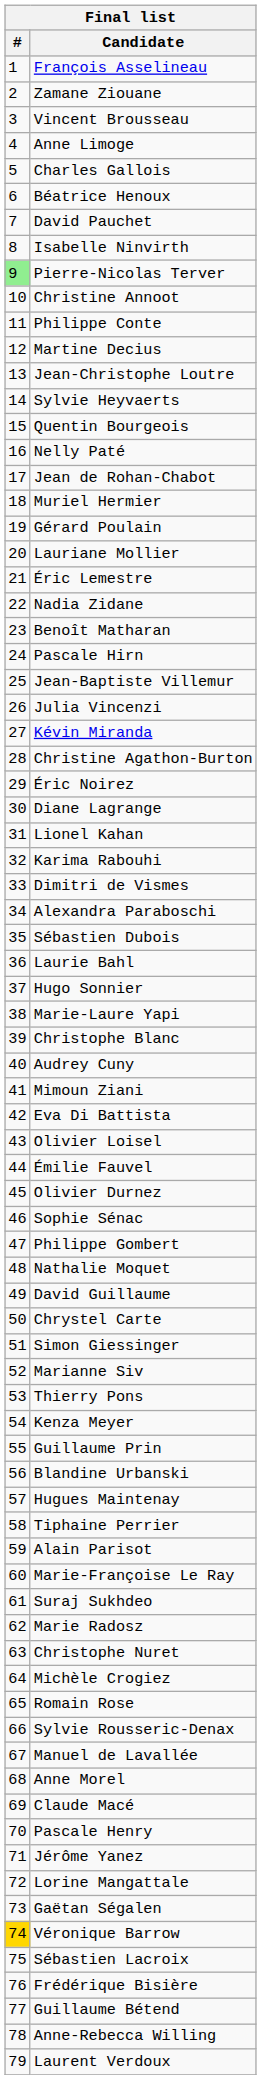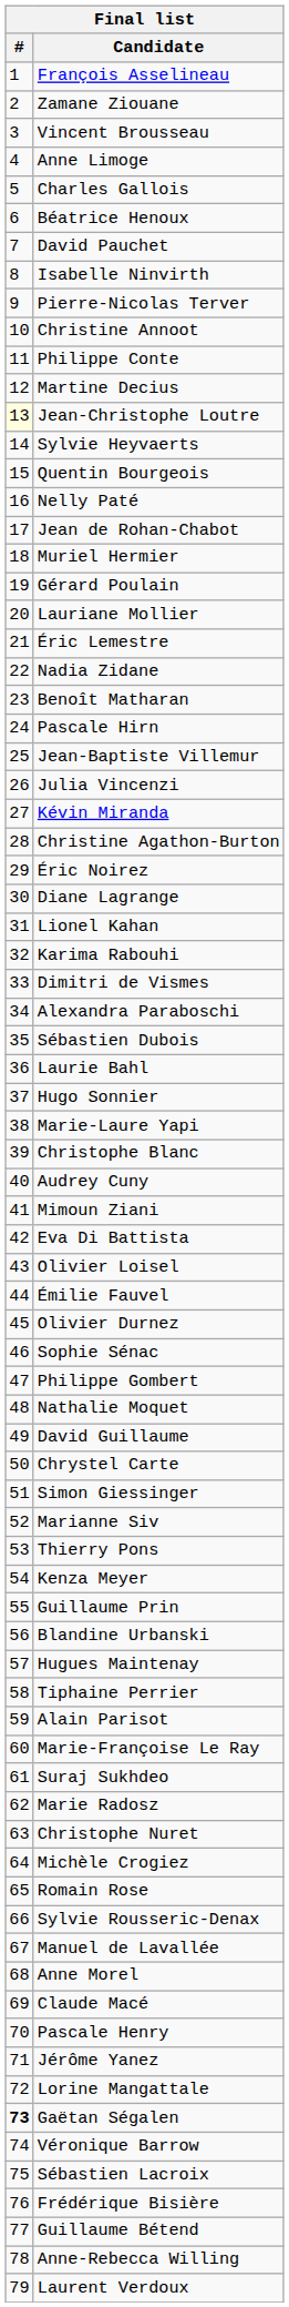 <table class="wikitable mw-collapsible mw-collapsed" style="font-size:90%; float:right; padding:5px">
 <tr>
 <th colspan="2">Final list</th>
 </tr>
 <tr>
 <th>#</th>
 <th>Candidate</th>
 </tr>
 <tr>
 <td>1</td>
 <td><a href='#'>François Asselineau</a></td>
 </tr>
 <tr>
 <td>2</td>
 <td>Zamane Ziouane</td>
 </tr>
 <tr>
 <td>3</td>
 <td>Vincent Brousseau</td>
 </tr>
 <tr>
 <td>4</td>
 <td>Anne Limoge</td>
 </tr>
 <tr>
 <td>5</td>
 <td>Charles Gallois</td>
 </tr>
 <tr>
 <td>6</td>
 <td>Béatrice Henoux</td>
 </tr>
 <tr>
 <td>7</td>
 <td>David Pauchet</td>
 </tr>
 <tr>
 <td>8</td>
 <td>Isabelle Ninvirth</td>
 </tr>
 <tr>
-<td style="background: lightgreen;">9</td>
+<td>9</td>
 <td>Pierre-Nicolas Terver</td>
 </tr>
 <tr>
 <td>10</td>
 <td>Christine Annoot</td>
 </tr>
 <tr>
 <td>11</td>
 <td>Philippe Conte</td>
 </tr>
 <tr>
 <td>12</td>
 <td>Martine Decius</td>
 </tr>
 <tr>
-<td>13</td>
+<td style="background: lightyellow;">13</td>
 <td>Jean-Christophe Loutre</td>
 </tr>
 <tr>
 <td>14</td>
 <td>Sylvie Heyvaerts</td>
 </tr>
 <tr>
 <td>15</td>
 <td>Quentin Bourgeois</td>
 </tr>
 <tr>
 <td>16</td>
 <td>Nelly Paté</td>
 </tr>
 <tr>
 <td>17</td>
 <td>Jean de Rohan-Chabot</td>
 </tr>
 <tr>
 <td>18</td>
 <td>Muriel Hermier</td>
 </tr>
 <tr>
 <td>19</td>
 <td>Gérard Poulain</td>
 </tr>
 <tr>
 <td>20</td>
 <td>Lauriane Mollier</td>
 </tr>
 <tr>
 <td>21</td>
 <td>Éric Lemestre</td>
 </tr>
 <tr>
 <td>22</td>
 <td>Nadia Zidane</td>
 </tr>
 <tr>
 <td>23</td>
 <td>Benoît Matharan</td>
 </tr>
 <tr>
 <td>24</td>
 <td>Pascale Hirn</td>
 </tr>
 <tr>
 <td>25</td>
 <td>Jean-Baptiste Villemur</td>
 </tr>
 <tr>
 <td>26</td>
 <td>Julia Vincenzi</td>
 </tr>
 <tr>
 <td>27</td>
 <td><a href='#'>Kévin Miranda</a></td>
 </tr>
 <tr>
 <td>28</td>
 <td>Christine Agathon-Burton</td>
 </tr>
 <tr>
 <td>29</td>
 <td>Éric Noirez</td>
 </tr>
 <tr>
 <td>30</td>
 <td>Diane Lagrange</td>
 </tr>
 <tr>
 <td>31</td>
 <td>Lionel Kahan</td>
 </tr>
 <tr>
 <td>32</td>
 <td>Karima Rabouhi</td>
 </tr>
 <tr>
 <td>33</td>
 <td>Dimitri de Vismes</td>
 </tr>
 <tr>
 <td>34</td>
 <td>Alexandra Paraboschi</td>
 </tr>
 <tr>
 <td>35</td>
 <td>Sébastien Dubois</td>
 </tr>
 <tr>
 <td>36</td>
 <td>Laurie Bahl</td>
 </tr>
 <tr>
 <td>37</td>
 <td>Hugo Sonnier</td>
 </tr>
 <tr>
 <td>38</td>
 <td>Marie-Laure Yapi</td>
 </tr>
 <tr>
 <td>39</td>
 <td>Christophe Blanc</td>
 </tr>
 <tr>
 <td>40</td>
 <td>Audrey Cuny</td>
 </tr>
 <tr>
 <td>41</td>
 <td>Mimoun Ziani</td>
 </tr>
 <tr>
 <td>42</td>
 <td>Eva Di Battista</td>
 </tr>
 <tr>
 <td>43</td>
 <td>Olivier Loisel</td>
 </tr>
 <tr>
 <td>44</td>
 <td>Émilie Fauvel</td>
 </tr>
 <tr>
 <td>45</td>
 <td>Olivier Durnez</td>
 </tr>
 <tr>
 <td>46</td>
 <td>Sophie Sénac</td>
 </tr>
 <tr>
 <td>47</td>
 <td>Philippe Gombert</td>
 </tr>
 <tr>
 <td>48</td>
 <td>Nathalie Moquet</td>
 </tr>
 <tr>
 <td>49</td>
 <td>David Guillaume</td>
 </tr>
 <tr>
 <td>50</td>
 <td>Chrystel Carte</td>
 </tr>
 <tr>
 <td>51</td>
 <td>Simon Giessinger</td>
 </tr>
 <tr>
 <td>52</td>
 <td>Marianne Siv</td>
 </tr>
 <tr>
 <td>53</td>
 <td>Thierry Pons</td>
 </tr>
 <tr>
 <td>54</td>
 <td>Kenza Meyer</td>
 </tr>
 <tr>
 <td>55</td>
 <td>Guillaume Prin</td>
 </tr>
 <tr>
 <td>56</td>
 <td>Blandine Urbanski</td>
 </tr>
 <tr>
 <td>57</td>
 <td>Hugues Maintenay</td>
 </tr>
 <tr>
 <td>58</td>
 <td>Tiphaine Perrier</td>
 </tr>
 <tr>
 <td>59</td>
 <td>Alain Parisot</td>
 </tr>
 <tr>
 <td>60</td>
 <td>Marie-Françoise Le Ray</td>
 </tr>
 <tr>
 <td>61</td>
 <td>Suraj Sukhdeo</td>
 </tr>
 <tr>
 <td>62</td>
 <td>Marie Radosz</td>
 </tr>
 <tr>
 <td>63</td>
 <td>Christophe Nuret</td>
 </tr>
 <tr>
 <td>64</td>
 <td>Michèle Crogiez</td>
 </tr>
 <tr>
 <td>65</td>
 <td>Romain Rose</td>
 </tr>
 <tr>
 <td>66</td>
 <td>Sylvie Rousseric-Denax</td>
 </tr>
 <tr>
 <td>67</td>
 <td>Manuel de Lavallée</td>
 </tr>
 <tr>
 <td>68</td>
 <td>Anne Morel</td>
 </tr>
 <tr>
 <td>69</td>
 <td>Claude Macé</td>
 </tr>
 <tr>
 <td>70</td>
 <td>Pascale Henry</td>
 </tr>
 <tr>
 <td>71</td>
 <td>Jérôme Yanez</td>
 </tr>
 <tr>
 <td>72</td>
 <td>Lorine Mangattale</td>
 </tr>
 <tr>
-<td>73</td>
+<td><strong>73</strong></td>
 <td>Gaëtan Ségalen</td>
 </tr>
 <tr>
-<td style="background: gold;">74</td>
+<td>74</td>
 <td>Véronique Barrow</td>
 </tr>
 <tr>
 <td>75</td>
 <td>Sébastien Lacroix</td>
 </tr>
 <tr>
 <td>76</td>
 <td>Frédérique Bisière</td>
 </tr>
 <tr>
 <td>77</td>
 <td>Guillaume Bétend</td>
 </tr>
 <tr>
 <td>78</td>
 <td>Anne-Rebecca Willing</td>
 </tr>
 <tr>
 <td>79</td>
 <td>Laurent Verdoux</td>
 </tr>
 </table>
